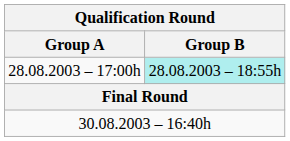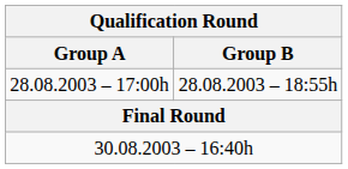 <table class="wikitable" style=" text-align:center; font-size:110%;" width="35%">
 <tr>
 <th colspan="2">Qualification Round</th>
 </tr>
 <tr>
 <th>Group A</th>
 <th>Group B</th>
 </tr>
 <tr>
 <td>28.08.2003 – 17:00h</td>
-<td style="background: paleturquoise;">28.08.2003 – 18:55h</td>
+<td>28.08.2003 – 18:55h</td>
 </tr>
 <tr>
 <th colspan="2">Final Round</th>
 </tr>
 <tr>
 <td colspan="2">30.08.2003 – 16:40h</td>
 </tr>
 </table>
